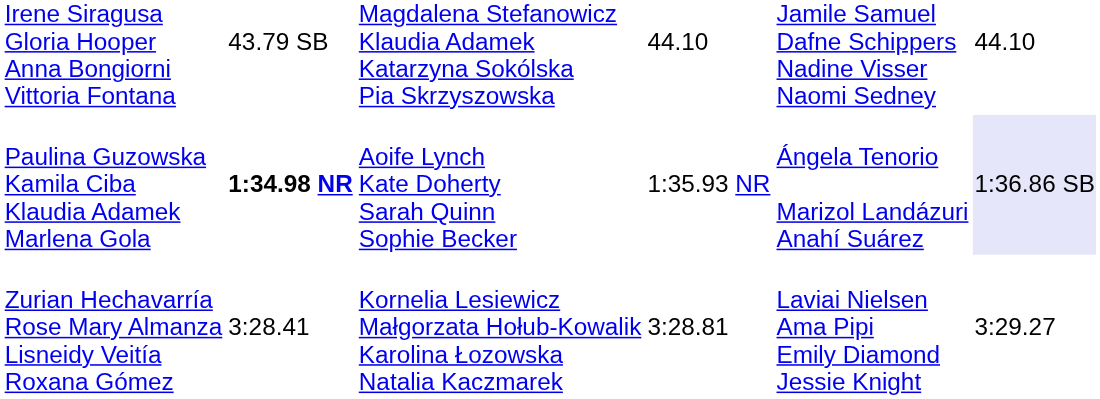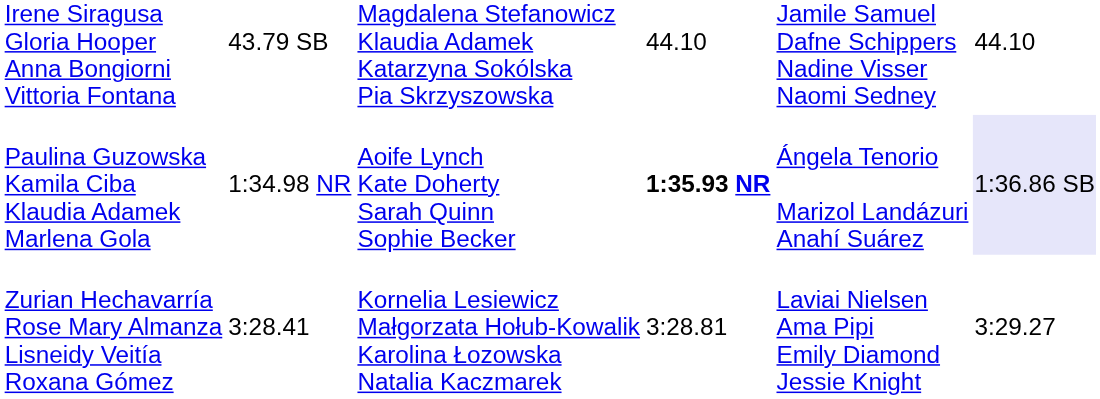 <table>
 <tr>
 <td></td>
 <td><br><a href='#'>Irene Siragusa</a><br><a href='#'>Gloria Hooper</a><br><a href='#'>Anna Bongiorni</a><br><a href='#'>Vittoria Fontana</a></td>
 <td>43.79 SB</td>
 <td><br><a href='#'>Magdalena Stefanowicz</a><br><a href='#'>Klaudia Adamek</a><br><a href='#'>Katarzyna Sokólska</a><br><a href='#'>Pia Skrzyszowska</a></td>
 <td>44.10</td>
 <td><br><a href='#'>Jamile Samuel</a><br><a href='#'>Dafne Schippers</a><br><a href='#'>Nadine Visser</a><br><a href='#'>Naomi Sedney</a></td>
 <td>44.10</td>
 </tr>
 <tr>
 <td></td>
 <td><br><a href='#'>Paulina Guzowska</a><br><a href='#'>Kamila Ciba</a><br><a href='#'>Klaudia Adamek</a><br><a href='#'>Marlena Gola</a></td>
-<td><strong>1:34.98 <a href='#'>NR</a></strong></td>
+<td>1:34.98 <a href='#'>NR</a></td>
 <td><br><a href='#'>Aoife Lynch</a><br><a href='#'>Kate Doherty</a><br><a href='#'>Sarah Quinn</a><br><a href='#'>Sophie Becker</a></td>
-<td>1:35.93 <a href='#'>NR</a></td>
+<td><strong>1:35.93 <a href='#'>NR</a></strong></td>
 <td><br><a href='#'>Ángela Tenorio</a><br><br><a href='#'>Marizol Landázuri</a><br><a href='#'>Anahí Suárez</a></td>
 <td style="background: lavender;">1:36.86 SB</td>
 </tr>
 <tr>
 <td></td>
 <td> <br><a href='#'>Zurian Hechavarría</a><br><a href='#'>Rose Mary Almanza</a> <br><a href='#'>Lisneidy Veitía</a><br><a href='#'>Roxana Gómez</a></td>
 <td>3:28.41</td>
 <td><br><a href='#'>Kornelia Lesiewicz</a><br><a href='#'>Małgorzata Hołub-Kowalik</a><br><a href='#'>Karolina Łozowska</a><br><a href='#'>Natalia Kaczmarek</a></td>
 <td>3:28.81</td>
 <td><br><a href='#'>Laviai Nielsen</a><br><a href='#'>Ama Pipi</a><br><a href='#'>Emily Diamond</a><br><a href='#'>Jessie Knight</a></td>
 <td>3:29.27</td>
 </tr>
 </table>
